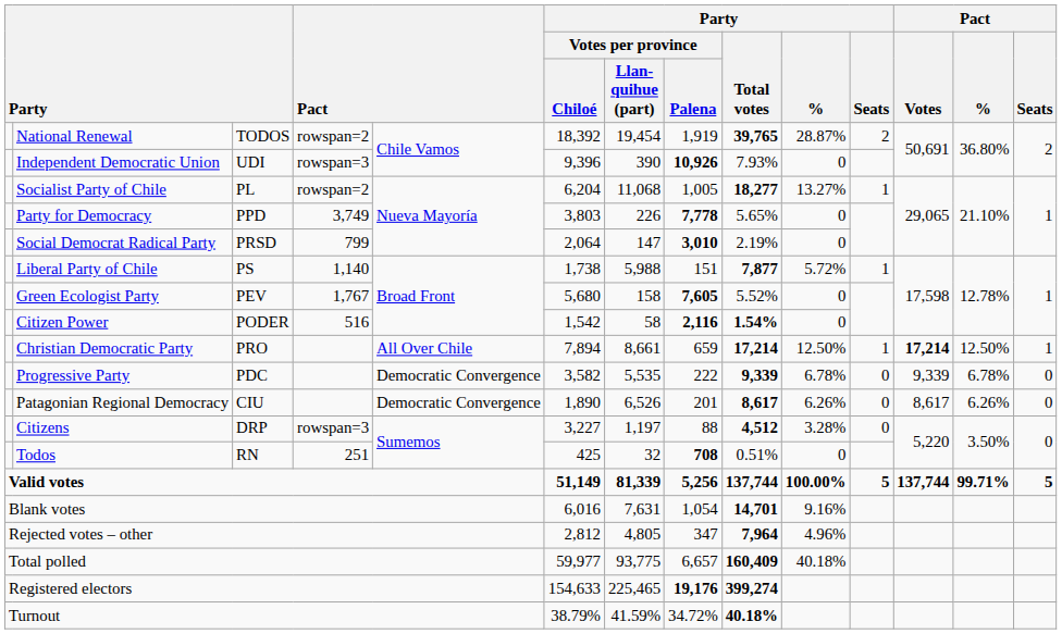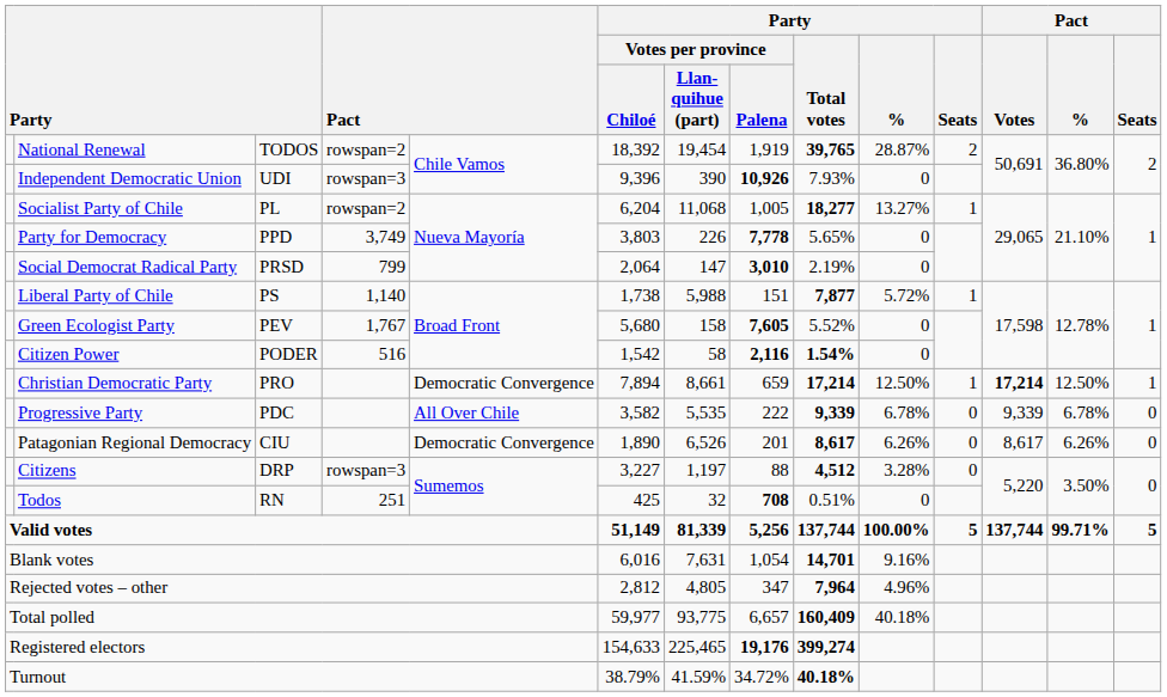 <table class="wikitable" border="1" style="font-size:90%; text-align:right; white-space: nowrap;">
 <tr>
 <th style="text-align:left;" valign=bottom rowspan=3 colspan=3>Party</th>
 <th style="text-align:left;" valign=bottom rowspan=3 colspan=2>Pact</th>
 <th colspan=6>Party</th>
 <th colspan=3>Pact</th>
 </tr>
 <tr>
 <th colspan=3>Votes per province</th>
 <th align=center valign=bottom rowspan=2 width="40">Total<br>votes</th>
 <th align=center valign=bottom rowspan=2 width="40">%</th>
 <th align=center valign=bottom rowspan=2>Seats</th>
 <th align=center valign=bottom rowspan=2 width="40">Votes</th>
 <th align=center valign=bottom rowspan=2 width="40">%</th>
 <th align=center valign=bottom rowspan=2>Seats</th>
 </tr>
 <tr>
 <th align=center valign=bottom width="40"><a href='#'>Chiloé</a></th>
 <th align=center valign=bottom width="40"><a href='#'>Llan-<br>quihue</a><br>(part)</th>
 <th align=center valign=bottom width="40"><a href='#'>Palena</a></th>
 </tr>
 <tr>
 <td></td>
 <td align=left><a href='#'>National Renewal</a></td>
 <td align=left>TODOS</td>
 <td>rowspan=2 </td>
 <td rowspan=2 align=left><a href='#'>Chile Vamos</a></td>
 <td>18,392</td>
 <td>19,454</td>
 <td>1,919</td>
 <td><strong>39,765</strong></td>
 <td>28.87%</td>
 <td>2</td>
 <td rowspan=2>50,691</td>
 <td rowspan=2>36.80%</td>
 <td rowspan=2>2</td>
 </tr>
 <tr>
 <td></td>
 <td align=left><a href='#'>Independent Democratic Union</a></td>
 <td align=left>UDI</td>
 <td>rowspan=3 </td>
 <td>9,396</td>
 <td>390</td>
 <td><strong>10,926</strong></td>
 <td>7.93%</td>
 <td>0</td>
 </tr>
 <tr>
 <td></td>
 <td align=left><a href='#'>Socialist Party of Chile</a></td>
 <td align=left>PL</td>
 <td>rowspan=2 </td>
 <td rowspan=3 align=left><a href='#'>Nueva Mayoría</a></td>
 <td>6,204</td>
 <td>11,068</td>
 <td>1,005</td>
 <td><strong>18,277</strong></td>
 <td>13.27%</td>
 <td>1</td>
 <td rowspan=3>29,065</td>
 <td rowspan=3>21.10%</td>
 <td rowspan=3>1</td>
 </tr>
 <tr>
 <td></td>
 <td align=left><a href='#'>Party for Democracy</a></td>
 <td align=left>PPD</td>
 <td>3,749</td>
 <td>3,803</td>
 <td>226</td>
 <td><strong>7,778</strong></td>
 <td>5.65%</td>
 <td>0</td>
 </tr>
 <tr>
 <td></td>
 <td align=left><a href='#'>Social Democrat Radical Party</a></td>
 <td align=left>PRSD</td>
 <td>799</td>
 <td>2,064</td>
 <td>147</td>
 <td><strong>3,010</strong></td>
 <td>2.19%</td>
 <td>0</td>
 </tr>
 <tr>
 <td></td>
 <td align=left><a href='#'>Liberal Party of Chile</a></td>
 <td align=left>PS</td>
 <td>1,140</td>
 <td rowspan=3 align=left><a href='#'>Broad Front</a></td>
 <td>1,738</td>
 <td>5,988</td>
 <td>151</td>
 <td><strong>7,877</strong></td>
 <td>5.72%</td>
 <td>1</td>
 <td rowspan=3>17,598</td>
 <td rowspan=3>12.78%</td>
 <td rowspan=3>1</td>
 </tr>
 <tr>
 <td></td>
 <td align=left><a href='#'>Green Ecologist Party</a></td>
 <td align=left>PEV</td>
 <td>1,767</td>
 <td>5,680</td>
 <td>158</td>
 <td><strong>7,605</strong></td>
 <td>5.52%</td>
 <td>0</td>
 </tr>
 <tr>
 <td></td>
 <td align=left><a href='#'>Citizen Power</a></td>
 <td align=left>PODER</td>
 <td>516</td>
 <td>1,542</td>
 <td>58</td>
 <td><strong>2,116</strong></td>
 <td><strong>1.54%</strong></td>
 <td>0</td>
 </tr>
 <tr>
 <td></td>
 <td align=left><a href='#'>Christian Democratic Party</a></td>
 <td align=left>PRO</td>
 <td></td>
-<td align=left><a href='#'>All Over Chile</a></td>
+<td align=left>Democratic Convergence</td>
 <td>7,894</td>
 <td>8,661</td>
 <td>659</td>
 <td><strong>17,214</strong></td>
 <td>12.50%</td>
 <td>1</td>
 <td><strong>17,214</strong></td>
 <td>12.50%</td>
 <td>1</td>
 </tr>
 <tr>
 <td></td>
 <td align=left><a href='#'>Progressive Party</a></td>
 <td align=left>PDC</td>
 <td></td>
-<td align=left>Democratic Convergence</td>
+<td align=left><a href='#'>All Over Chile</a></td>
 <td>3,582</td>
 <td>5,535</td>
 <td>222</td>
 <td><strong>9,339</strong></td>
 <td>6.78%</td>
 <td>0</td>
 <td>9,339</td>
 <td>6.78%</td>
 <td>0</td>
 </tr>
 <tr>
 <td></td>
 <td align=left>Patagonian Regional Democracy</td>
 <td align=left>CIU</td>
 <td></td>
 <td align=left>Democratic Convergence</td>
 <td>1,890</td>
 <td>6,526</td>
 <td>201</td>
 <td><strong>8,617</strong></td>
 <td>6.26%</td>
 <td>0</td>
 <td>8,617</td>
 <td>6.26%</td>
 <td>0</td>
 </tr>
 <tr>
 <td></td>
 <td align=left><a href='#'>Citizens</a></td>
 <td align=left>DRP</td>
 <td>rowspan=3 </td>
 <td rowspan=2 align=left><a href='#'>Sumemos</a></td>
 <td>3,227</td>
 <td>1,197</td>
 <td>88</td>
 <td><strong>4,512</strong></td>
 <td>3.28%</td>
 <td>0</td>
 <td rowspan=2>5,220</td>
 <td rowspan=2>3.50%</td>
 <td rowspan=2>0</td>
 </tr>
 <tr>
 <td></td>
 <td align=left><a href='#'>Todos</a></td>
 <td align=left>RN</td>
 <td>251</td>
 <td>425</td>
 <td>32</td>
 <td><strong>708</strong></td>
 <td>0.51%</td>
 <td>0</td>
 </tr>
 <tr style="font-weight:bold">
 <td align=left colspan=5>Valid votes</td>
 <td>51,149</td>
 <td>81,339</td>
 <td>5,256</td>
 <td>137,744</td>
 <td>100.00%</td>
 <td>5</td>
 <td>137,744</td>
 <td>99.71%</td>
 <td>5</td>
 </tr>
 <tr>
 <td align=left colspan=5>Blank votes</td>
 <td>6,016</td>
 <td>7,631</td>
 <td>1,054</td>
 <td><strong>14,701</strong></td>
 <td>9.16%</td>
 <td></td>
 <td></td>
 <td></td>
 <td></td>
 </tr>
 <tr>
 <td align=left colspan=5>Rejected votes – other</td>
 <td>2,812</td>
 <td>4,805</td>
 <td>347</td>
 <td><strong>7,964</strong></td>
 <td>4.96%</td>
 <td></td>
 <td></td>
 <td></td>
 <td></td>
 </tr>
 <tr>
 <td align=left colspan=5>Total polled</td>
 <td>59,977</td>
 <td>93,775</td>
 <td>6,657</td>
 <td><strong>160,409</strong></td>
 <td>40.18%</td>
 <td></td>
 <td></td>
 <td></td>
 <td></td>
 </tr>
 <tr>
 <td align=left colspan=5>Registered electors</td>
 <td>154,633</td>
 <td>225,465</td>
 <td><strong>19,176</strong></td>
 <td><strong>399,274</strong></td>
 <td></td>
 <td></td>
 <td></td>
 <td></td>
 <td></td>
 </tr>
 <tr>
 <td align=left colspan=5>Turnout</td>
 <td>38.79%</td>
 <td>41.59%</td>
 <td>34.72%</td>
 <td><strong>40.18%</strong></td>
 <td></td>
 <td></td>
 <td></td>
 <td></td>
 <td></td>
 </tr>
 </table>
